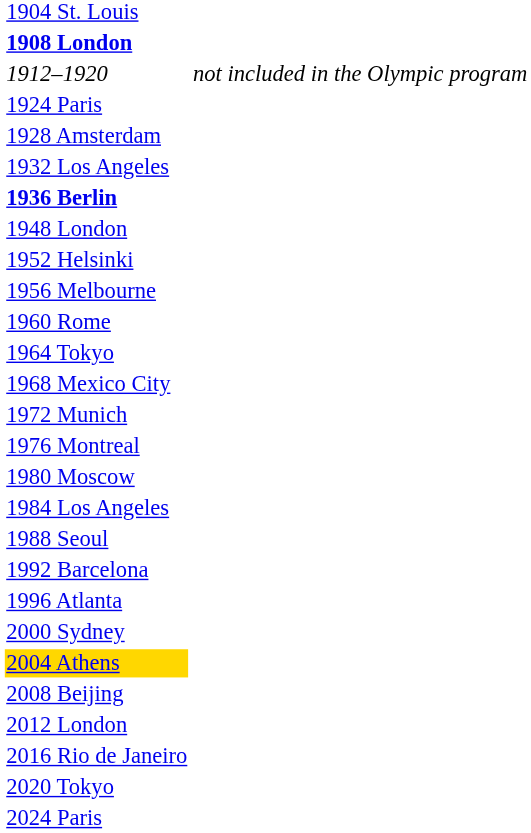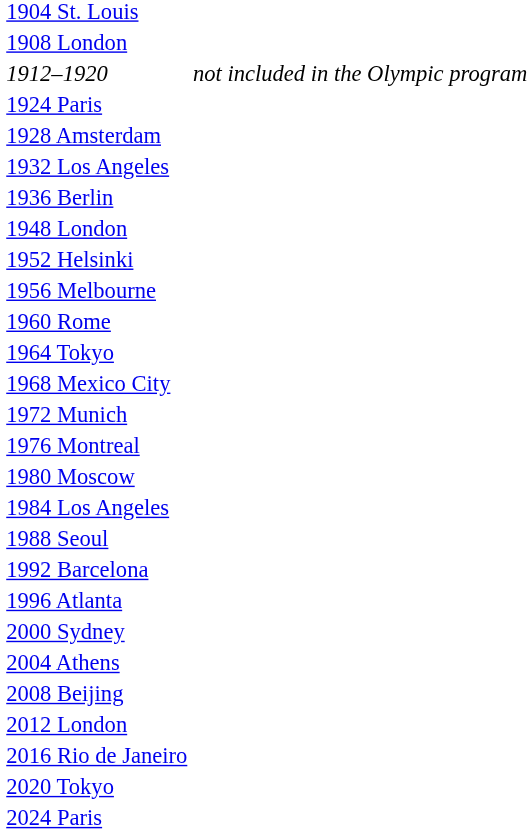 <table>
 <tr>
 <td><a href='#'>1904 St. Louis</a><br></td>
 <td></td>
 <td></td>
 <td></td>
 </tr>
 <tr>
-<td><strong><a href='#'>1908 London</a><br></strong></td>
+<td><a href='#'>1908 London</a><br></td>
 <td></td>
 <td></td>
 <td></td>
 </tr>
 <tr>
 <td><em>1912–1920</em></td>
 <td colspan="3" align="center"><em>not included in the Olympic program</em></td>
 </tr>
 <tr>
 <td><a href='#'>1924 Paris</a><br></td>
 <td></td>
 <td></td>
 <td></td>
 </tr>
 <tr>
 <td><a href='#'>1928 Amsterdam</a><br></td>
 <td></td>
 <td></td>
 <td></td>
 </tr>
 <tr>
 <td><a href='#'>1932 Los Angeles</a><br></td>
 <td></td>
 <td></td>
 <td></td>
 </tr>
 <tr>
-<td><strong><a href='#'>1936 Berlin</a><br></strong></td>
+<td><a href='#'>1936 Berlin</a><br></td>
 <td></td>
 <td></td>
 <td></td>
 </tr>
 <tr>
 <td><a href='#'>1948 London</a><br></td>
 <td></td>
 <td></td>
 <td></td>
 </tr>
 <tr>
 <td><a href='#'>1952 Helsinki</a><br></td>
 <td></td>
 <td></td>
 <td></td>
 </tr>
 <tr>
 <td><a href='#'>1956 Melbourne</a><br></td>
 <td></td>
 <td></td>
 <td></td>
 </tr>
 <tr>
 <td><a href='#'>1960 Rome</a><br></td>
 <td></td>
 <td></td>
 <td></td>
 </tr>
 <tr>
 <td><a href='#'>1964 Tokyo</a><br></td>
 <td></td>
 <td></td>
 <td></td>
 </tr>
 <tr>
 <td><a href='#'>1968 Mexico City</a><br></td>
 <td></td>
 <td></td>
 <td></td>
 </tr>
 <tr>
 <td><a href='#'>1972 Munich</a><br></td>
 <td></td>
 <td></td>
 <td></td>
 </tr>
 <tr>
 <td><a href='#'>1976 Montreal</a><br></td>
 <td></td>
 <td></td>
 <td></td>
 </tr>
 <tr>
 <td><a href='#'>1980 Moscow</a><br></td>
 <td></td>
 <td></td>
 <td></td>
 </tr>
 <tr>
 <td><a href='#'>1984 Los Angeles</a><br></td>
 <td></td>
 <td></td>
 <td></td>
 </tr>
 <tr>
 <td><a href='#'>1988 Seoul</a><br></td>
 <td></td>
 <td></td>
 <td></td>
 </tr>
 <tr>
 <td><a href='#'>1992 Barcelona</a><br></td>
 <td></td>
 <td></td>
 <td></td>
 </tr>
 <tr>
 <td><a href='#'>1996 Atlanta</a><br></td>
 <td></td>
 <td></td>
 <td></td>
 </tr>
 <tr>
 <td><a href='#'>2000 Sydney</a><br></td>
 <td></td>
 <td></td>
 <td></td>
 </tr>
 <tr>
-<td style="background: gold;"><a href='#'>2004 Athens</a><br></td>
+<td><a href='#'>2004 Athens</a><br></td>
 <td></td>
 <td></td>
 <td></td>
 </tr>
 <tr>
 <td rowspan="2"><a href='#'>2008 Beijing</a><br></td>
 <td rowspan="2"></td>
 <td rowspan="2"></td>
 <td></td>
 </tr>
 <tr>
 <td></td>
 </tr>
 <tr>
 <td rowspan="2"><a href='#'>2012 London</a><br></td>
 <td rowspan="2"></td>
 <td rowspan="2"></td>
 <td></td>
 </tr>
 <tr>
 <td></td>
 </tr>
 <tr>
 <td rowspan="2"><a href='#'>2016 Rio de Janeiro</a><br></td>
 <td rowspan="2"></td>
 <td rowspan="2"></td>
 <td></td>
 </tr>
 <tr>
 <td></td>
 </tr>
 <tr>
 <td rowspan="2"><a href='#'>2020 Tokyo</a><br></td>
 <td rowspan="2"></td>
 <td rowspan="2"></td>
 <td></td>
 </tr>
 <tr>
 <td></td>
 </tr>
 <tr>
 <td rowspan="2"><a href='#'>2024 Paris</a> <br></td>
 <td rowspan=2></td>
 <td rowspan=2></td>
 <td></td>
 </tr>
 <tr>
 <td></td>
 </tr>
 </table>
